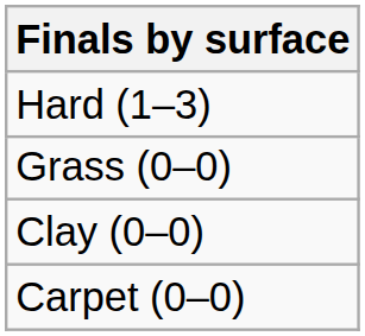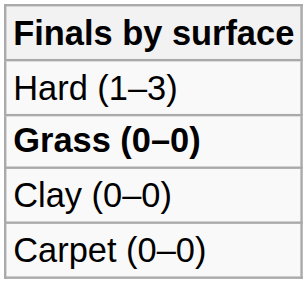 <table class=wikitable style="font-size:90%">
 <tr bgcolor="#EEEEEE">
 <th>Finals by surface</th>
 </tr>
 <tr>
 <td>Hard (1–3)</td>
 </tr>
 <tr>
-<td>Grass (0–0)</td>
+<td><strong>Grass (0–0)</strong></td>
 </tr>
 <tr>
 <td>Clay (0–0)</td>
 </tr>
 <tr>
 <td>Carpet (0–0)</td>
 </tr>
 </table>
